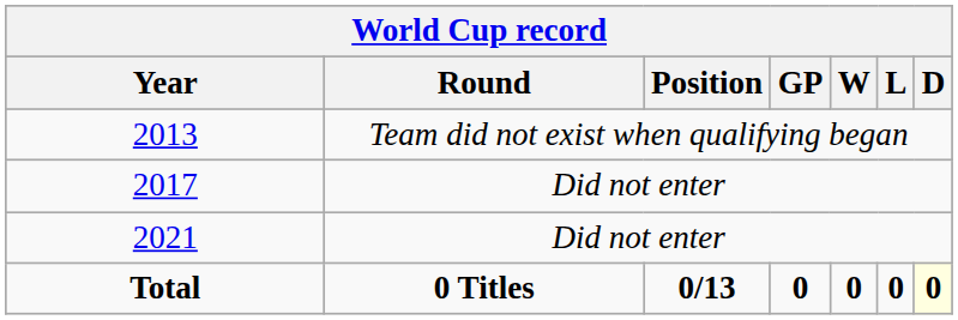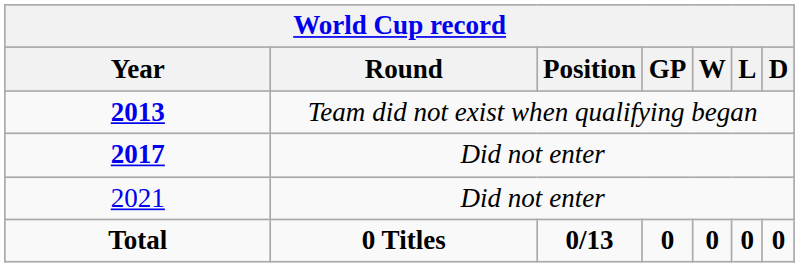 <table class="wikitable" style="text-align: center;">
 <tr>
 <th colspan=9><a href='#'>World Cup record</a></th>
 </tr>
 <tr>
 <th width=150>Year</th>
 <th width=150>Round</th>
 <th>Position</th>
 <th>GP</th>
 <th>W</th>
 <th>L</th>
 <th>D</th>
 </tr>
 <tr>
-<td> <a href='#'>2013</a></td>
+<td><strong> <a href='#'>2013</a></strong></td>
 <td rowspan=1 colspan=8><em>Team did not exist when qualifying began</em></td>
 </tr>
 <tr>
-<td> <a href='#'>2017</a></td>
+<td><strong> <a href='#'>2017</a></strong></td>
 <td rowspan=1 colspan=8><em>Did not enter</em></td>
 </tr>
 <tr>
 <td> <a href='#'>2021</a></td>
 <td rowspan=1 colspan=8><em>Did not enter</em></td>
 </tr>
 <tr>
 <td><strong>Total</strong></td>
 <td><strong>0 Titles</strong></td>
 <td><strong>0/13</strong></td>
 <td><strong>0</strong></td>
 <td><strong>0</strong></td>
 <td><strong>0</strong></td>
-<td style="background: lightyellow;"><strong>0</strong></td>
+<td><strong>0</strong></td>
 </tr>
 </table>
